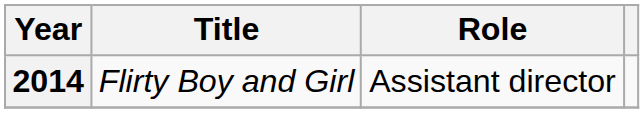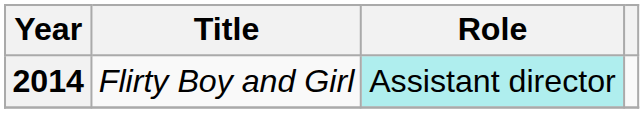 <table class="wikitable sortable plainrowheaders">
 <tr>
 <th scope="col">Year</th>
 <th scope="col">Title</th>
 <th scope="col">Role</th>
 <th scope="col" class="unsortable"></th>
 </tr>
 <tr>
 <th scope="row">2014</th>
 <td><em>Flirty Boy and Girl</em></td>
-<td>Assistant director</td>
+<td style="background: paleturquoise;">Assistant director</td>
 <td></td>
 </tr>
 <tr>
 </tr>
 </table>
